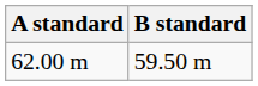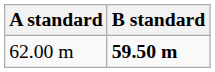 <table class="wikitable" border="1" align="upright">
 <tr>
 <th>A standard</th>
 <th>B standard</th>
 </tr>
 <tr>
 <td>62.00 m</td>
-<td>59.50 m</td>
+<td><strong>59.50 m</strong></td>
 </tr>
 </table>
